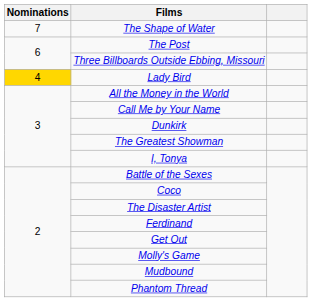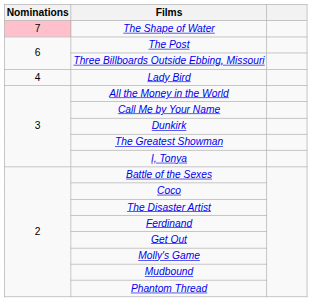 <table class="wikitable" style="text-align: center">
 <tr>
 <th scope="col" style="width:55px;">Nominations</th>
 <th scope="col" style="text-align:center;">Films</th>
 <th scope="col" style="width:55px;"></th>
 </tr>
 <tr>
-<td style="text-align:center">7</td>
+<td style="background: pink; text-align:center">7</td>
 <td><em><a href='#'>The Shape of Water</a></em></td>
 <td></td>
 </tr>
 <tr>
 <td rowspan="2" style="text-align:center">6</td>
 <td><em><a href='#'>The Post</a></em></td>
 <td></td>
 </tr>
 <tr>
 <td><em><a href='#'>Three Billboards Outside Ebbing, Missouri</a></em></td>
 <td></td>
 </tr>
 <tr>
-<td style="background: gold; text-align:center">4</td>
+<td style="text-align:center">4</td>
 <td><em><a href='#'>Lady Bird</a></em></td>
 <td></td>
 </tr>
 <tr>
 <td rowspan="5" style="text-align:center">3</td>
 <td><em><a href='#'>All the Money in the World</a></em></td>
 <td></td>
 </tr>
 <tr>
 <td><em><a href='#'>Call Me by Your Name</a></em></td>
 <td></td>
 </tr>
 <tr>
 <td><em><a href='#'>Dunkirk</a></em></td>
 <td></td>
 </tr>
 <tr>
 <td><em><a href='#'>The Greatest Showman</a></em></td>
 <td></td>
 </tr>
 <tr>
 <td><em><a href='#'>I, Tonya</a></em></td>
 <td></td>
 </tr>
 <tr>
 <td rowspan="8" style="text-align:center">2</td>
 <td><em><a href='#'>Battle of the Sexes</a></em></td>
 <td rowspan=8></td>
 </tr>
 <tr>
 <td><em><a href='#'>Coco</a></em></td>
 </tr>
 <tr>
 <td><em><a href='#'>The Disaster Artist</a></em></td>
 </tr>
 <tr>
 <td><em><a href='#'>Ferdinand</a></em></td>
 </tr>
 <tr>
 <td><em><a href='#'>Get Out</a></em></td>
 </tr>
 <tr>
 <td><em><a href='#'>Molly's Game</a></em></td>
 </tr>
 <tr>
 <td><em><a href='#'>Mudbound</a></em></td>
 </tr>
 <tr>
 <td><em><a href='#'>Phantom Thread</a></em></td>
 </tr>
 </table>
